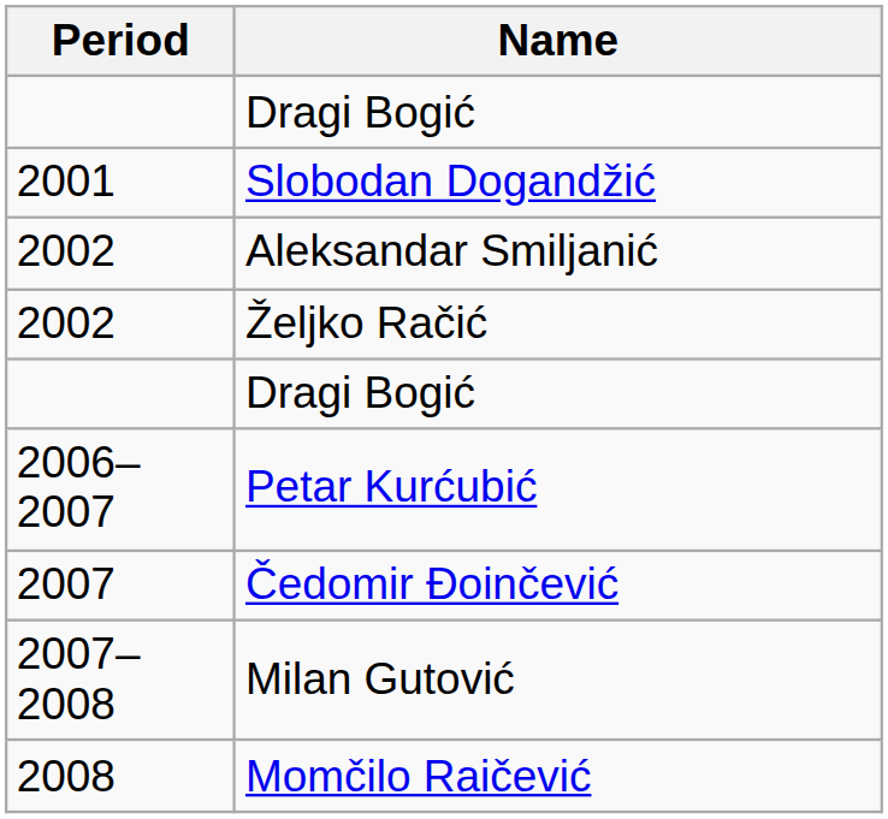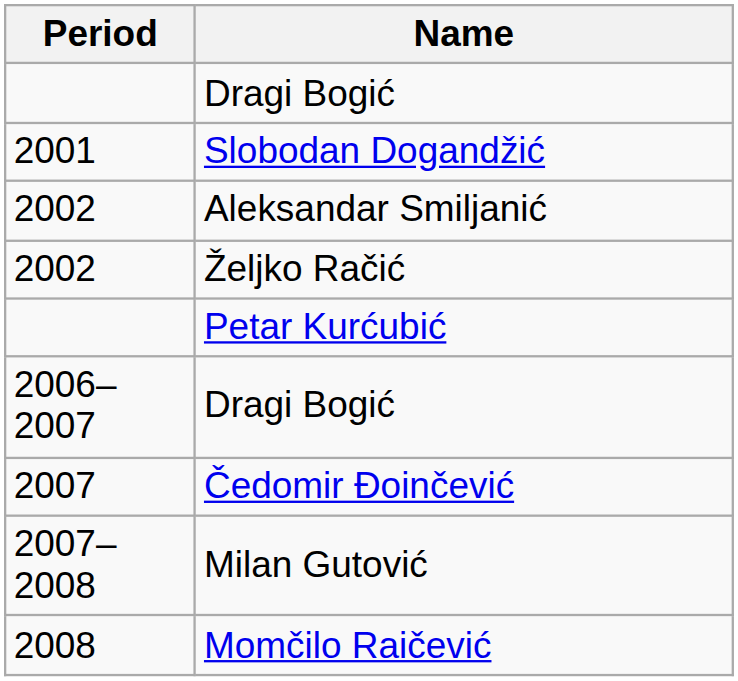 <table class="wikitable">
 <tr>
 <th width="75">Period</th>
 <th width="225">Name</th>
 </tr>
 <tr>
 <td></td>
 <td> Dragi Bogić</td>
 </tr>
 <tr>
 <td>2001</td>
 <td> <a href='#'>Slobodan Dogandžić</a></td>
 </tr>
 <tr>
 <td>2002</td>
 <td> Aleksandar Smiljanić</td>
 </tr>
 <tr>
 <td>2002</td>
 <td> Željko Račić</td>
 </tr>
 <tr>
 <td></td>
-<td> Dragi Bogić</td>
+<td> <a href='#'>Petar Kurćubić</a></td>
 </tr>
 <tr>
 <td>2006–2007</td>
-<td> <a href='#'>Petar Kurćubić</a></td>
+<td> Dragi Bogić</td>
 </tr>
 <tr>
 <td>2007</td>
 <td> <a href='#'>Čedomir Đoinčević</a></td>
 </tr>
 <tr>
 <td>2007–2008</td>
 <td> Milan Gutović</td>
 </tr>
 <tr>
 <td>2008</td>
 <td> <a href='#'>Momčilo Raičević</a></td>
 </tr>
 </table>
